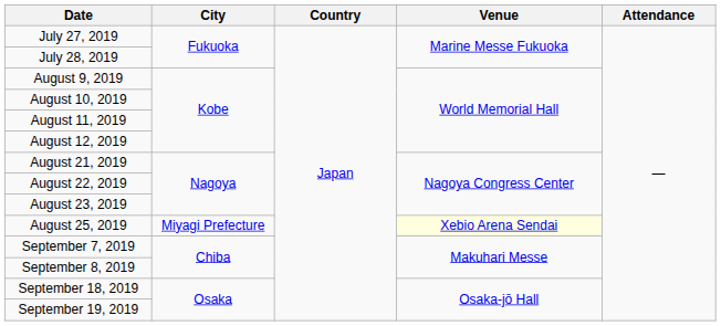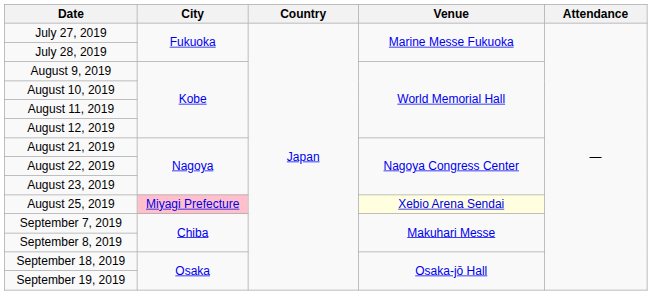 <table class="wikitable" style="text-align:center;">
 <tr>
 <th width="170">Date</th>
 <th width="140">City</th>
 <th width="140">Country</th>
 <th width="240">Venue</th>
 <th width="130">Attendance</th>
 </tr>
 <tr>
 <td>July 27, 2019</td>
 <td rowspan="2"><a href='#'>Fukuoka</a></td>
 <td rowspan="14"><a href='#'>Japan</a></td>
 <td rowspan="2"><a href='#'>Marine Messe Fukuoka</a></td>
 <td rowspan="14">—</td>
 </tr>
 <tr>
 <td>July 28, 2019</td>
 </tr>
 <tr>
 <td>August 9, 2019</td>
 <td rowspan="4"><a href='#'>Kobe</a></td>
 <td rowspan="4"><a href='#'>World Memorial Hall</a></td>
 </tr>
 <tr>
 <td>August 10, 2019</td>
 </tr>
 <tr>
 <td>August 11, 2019</td>
 </tr>
 <tr>
 <td>August 12, 2019</td>
 </tr>
 <tr>
 <td>August 21, 2019</td>
 <td rowspan="3"><a href='#'>Nagoya</a></td>
 <td rowspan="3"><a href='#'>Nagoya Congress Center</a></td>
 </tr>
 <tr>
 <td>August 22, 2019</td>
 </tr>
 <tr>
 <td>August 23, 2019</td>
 </tr>
 <tr>
 <td>August 25, 2019</td>
-<td><a href='#'>Miyagi Prefecture</a></td>
+<td style="background: pink;"><a href='#'>Miyagi Prefecture</a></td>
 <td style="background: lightyellow;"><a href='#'>Xebio Arena Sendai</a></td>
 </tr>
 <tr>
 <td>September 7, 2019</td>
 <td rowspan="2"><a href='#'>Chiba</a></td>
 <td rowspan="2"><a href='#'>Makuhari Messe</a></td>
 </tr>
 <tr>
 <td>September 8, 2019</td>
 </tr>
 <tr>
 <td>September 18, 2019</td>
 <td rowspan="2"><a href='#'>Osaka</a></td>
 <td rowspan="2"><a href='#'>Osaka-jō Hall</a></td>
 </tr>
 <tr>
 <td>September 19, 2019</td>
 </tr>
 </table>
